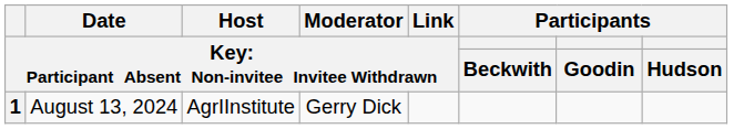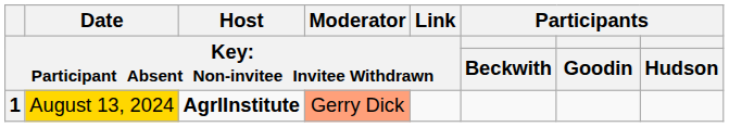 <table class="wikitable" style="text-align:center;">
 <tr>
 <th scope="col"></th>
 <th scope="col">Date</th>
 <th scope="col">Host</th>
 <th scope="col">Moderator</th>
 <th scope="col">Link</th>
 <th colspan="8" scope="col">Participants</th>
 </tr>
 <tr>
 <th colspan="5" rowspan="2">Key:<br> <small>Participant </small>  <small>Absent </small>  <small>Non-invitee </small>  <small>Invitee  Withdrawn</small></th>
 <th scope="col" style="background:"></th>
 <th scope="col" style="background:"></th>
 <th scope="col" style="background:"></th>
 </tr>
 <tr>
 <th scope="col" style="width:60px;">Beckwith</th>
 <th scope="col" style="width:60px;">Goodin</th>
 <th scope="col" style="width:60px;">Hudson</th>
 </tr>
 <tr>
 <th scope="row">1</th>
-<td style="white-space:nowrap;">August 13, 2024</td>
-<td style="white-space:nowrap;">AgrIInstitute</td>
-<td style="white-space:nowrap;">Gerry Dick</td>
+<td style="background: gold; white-space:nowrap;">August 13, 2024</td>
+<td style="white-space:nowrap;"><strong>AgrIInstitute</strong></td>
+<td style="background: lightsalmon; white-space:nowrap;">Gerry Dick</td>
 <td style="white-space:nowrap;"></td>
 <td></td>
 <td></td>
 <td></td>
 </tr>
 </table>
